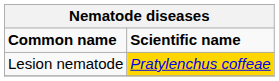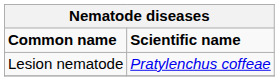 <table class="wikitable" style="clear">
 <tr>
 <th colspan=2><strong>Nematode diseases</strong><br></th>
 </tr>
 <tr>
 <td><strong>Common name</strong></td>
 <td><strong>Scientific name</strong></td>
 </tr>
 <tr>
 <td>Lesion nematode</td>
-<td style="background: gold;"><em><a href='#'>Pratylenchus coffeae</a></em></td>
+<td><em><a href='#'>Pratylenchus coffeae</a></em></td>
 </tr>
 <tr>
 </tr>
 </table>
